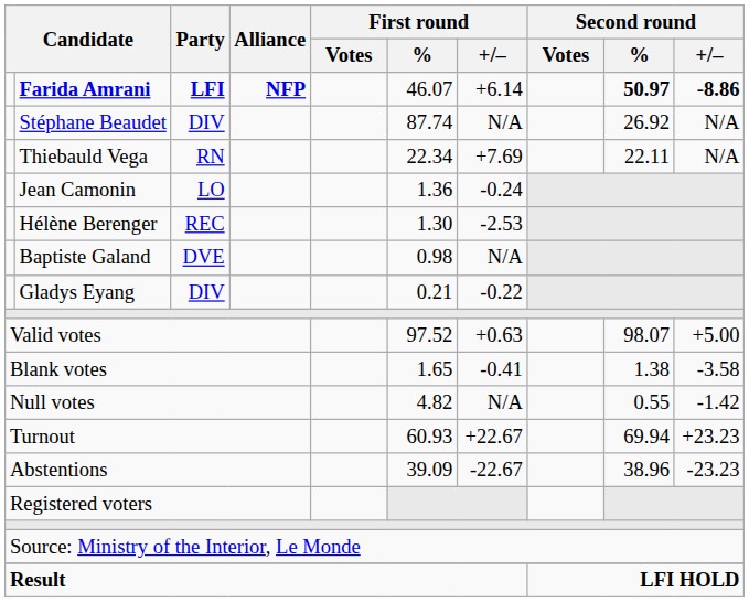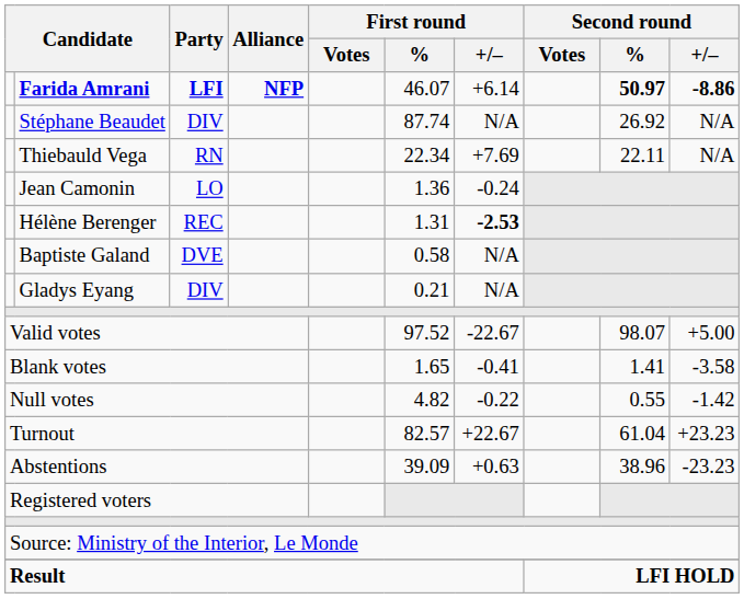 <table class="wikitable" style="text-align:right;font-size:95%;">
 <tr>
 <th rowspan="2" colspan="2">Candidate</th>
 <th rowspan="2">Party</th>
 <th rowspan="2">Alliance</th>
 <th colspan="3">First round</th>
 <th colspan="3">Second round</th>
 </tr>
 <tr>
 <th style="width:50px;">Votes</th>
 <th style="width:45px;">%</th>
 <th style="width:45px;">+/–</th>
 <th style="width:50px;">Votes</th>
 <th style="width:45px;">%</th>
 <th style="width:45px;">+/–</th>
 </tr>
 <tr>
 <td style="color:inherit;background:"></td>
 <td style="text-align:left;"><strong><a href='#'>Farida Amrani</a></strong></td>
 <td><a href='#'><strong>LFI</strong></a></td>
 <td><a href='#'><strong>NFP</strong></a></td>
 <td></td>
 <td>46.07</td>
 <td>+6.14</td>
 <td><strong></strong></td>
 <td><strong>50.97</strong></td>
 <td><strong>-8.86</strong></td>
 </tr>
 <tr>
 <td style="color:inherit;background:"></td>
 <td style="text-align:left;"><a href='#'>Stéphane Beaudet</a></td>
 <td><a href='#'>DIV</a></td>
 <td></td>
 <td></td>
 <td>87.74</td>
 <td>N/A</td>
 <td></td>
 <td>26.92</td>
 <td>N/A</td>
 </tr>
 <tr>
 <td style="color:inherit;background:"></td>
 <td style="text-align:left;">Thiebauld Vega</td>
 <td><a href='#'>RN</a></td>
 <td></td>
 <td></td>
 <td>22.34</td>
 <td>+7.69</td>
 <td></td>
 <td>22.11</td>
 <td>N/A</td>
 </tr>
 <tr>
 <td style="color:inherit;background:"></td>
 <td style="text-align:left;">Jean Camonin</td>
 <td><a href='#'>LO</a></td>
 <td></td>
 <td></td>
 <td>1.36</td>
 <td>-0.24</td>
 <td colspan="3" style="background:#E9E9E9;"></td>
 </tr>
 <tr>
 <td style="color:inherit;background:"></td>
 <td style="text-align:left;">Hélène Berenger</td>
 <td><a href='#'>REC</a></td>
 <td></td>
 <td></td>
-<td>1.30</td>
-<td>-2.53</td>
+<td>1.31</td>
+<td><strong>-2.53</strong></td>
 <td colspan="3" style="background:#E9E9E9;"></td>
 </tr>
 <tr>
 <td style="color:inherit;background:"></td>
 <td style="text-align:left;">Baptiste Galand</td>
 <td><a href='#'>DVE</a></td>
 <td></td>
 <td></td>
-<td>0.98</td>
+<td>0.58</td>
 <td>N/A</td>
 <td colspan="3" style="background:#E9E9E9;"></td>
 </tr>
 <tr>
 <td style="color:inherit;background:"></td>
 <td style="text-align:left;">Gladys Eyang</td>
 <td><a href='#'>DIV</a></td>
 <td></td>
 <td></td>
 <td>0.21</td>
-<td>-0.22</td>
+<td>N/A</td>
 <td colspan="3" style="background:#E9E9E9;"></td>
 </tr>
 <tr>
 <td colspan="10" style="background:#E9E9E9;"></td>
 </tr>
 <tr>
 <td colspan="4" style="text-align:left;">Valid votes</td>
 <td></td>
 <td>97.52</td>
-<td>+0.63</td>
+<td>-22.67</td>
 <td></td>
 <td>98.07</td>
 <td>+5.00</td>
 </tr>
 <tr>
 <td colspan="4" style="text-align:left;">Blank votes</td>
 <td></td>
 <td>1.65</td>
 <td>-0.41</td>
 <td></td>
-<td>1.38</td>
+<td>1.41</td>
 <td>-3.58</td>
 </tr>
 <tr>
 <td colspan="4" style="text-align:left;">Null votes</td>
 <td></td>
 <td>4.82</td>
-<td>N/A</td>
+<td>-0.22</td>
 <td></td>
 <td>0.55</td>
 <td>-1.42</td>
 </tr>
 <tr>
 <td colspan="4" style="text-align:left;">Turnout</td>
 <td></td>
-<td>60.93</td>
+<td>82.57</td>
 <td>+22.67</td>
 <td></td>
-<td>69.94</td>
+<td>61.04</td>
 <td>+23.23</td>
 </tr>
 <tr>
 <td colspan="4" style="text-align:left;">Abstentions</td>
 <td></td>
 <td>39.09</td>
-<td>-22.67</td>
+<td>+0.63</td>
 <td></td>
 <td>38.96</td>
 <td>-23.23</td>
 </tr>
 <tr>
 <td colspan="4" style="text-align:left;">Registered voters</td>
 <td></td>
 <td colspan="2" style="background:#E9E9E9;"></td>
 <td></td>
 <td colspan="2" style="background:#E9E9E9;"></td>
 </tr>
 <tr>
 <td colspan="10" style="background:#E9E9E9;"></td>
 </tr>
 <tr>
 <td colspan="10" style="text-align:left;">Source: <a href='#'>Ministry of the Interior</a>, <a href='#'>Le Monde</a></td>
 </tr>
 <tr>
 </tr>
 <tr style="font-weight:bold">
 <td colspan="7" style="text-align:left;">Result</td>
 <td colspan="7" style="background-color:">LFI HOLD</td>
 </tr>
 </table>
